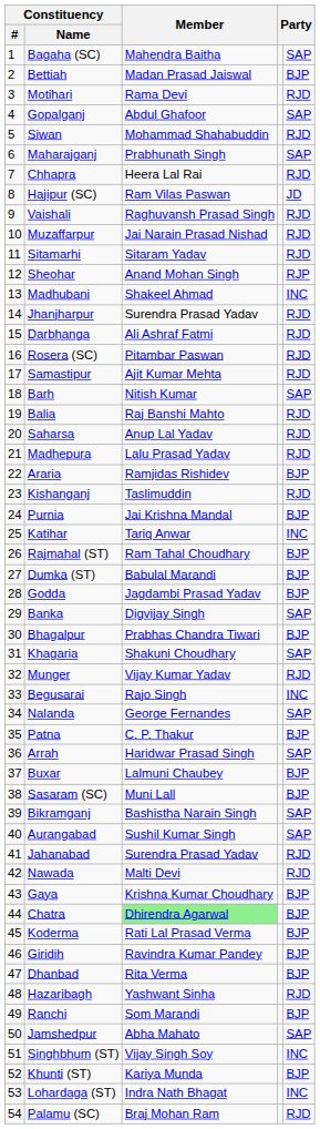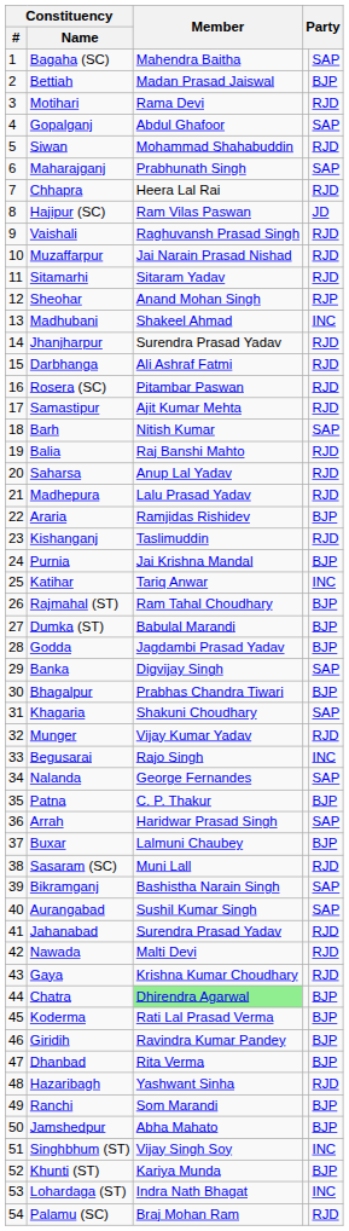 <table class="wikitable sortable">
 <tr>
 <th colspan="2">Constituency</th>
 <th rowspan="2">Member</th>
 <th colspan="2" rowspan="2">Party</th>
 </tr>
 <tr>
 <th>#</th>
 <th>Name</th>
 </tr>
 <tr>
 <td>1</td>
 <td><a href='#'>Bagaha</a> (SC)</td>
 <td><a href='#'>Mahendra Baitha</a></td>
 <td style="background-color: "></td>
 <td><a href='#'>SAP</a></td>
 </tr>
 <tr>
 <td>2</td>
 <td><a href='#'>Bettiah</a></td>
 <td><a href='#'>Madan Prasad Jaiswal</a></td>
 <td style="background-color: "></td>
 <td><a href='#'>BJP</a></td>
 </tr>
 <tr>
 <td>3</td>
 <td><a href='#'>Motihari</a></td>
 <td><a href='#'>Rama Devi</a></td>
 <td style="background-color: "></td>
 <td><a href='#'>RJD</a></td>
 </tr>
 <tr>
 <td>4</td>
 <td><a href='#'>Gopalganj</a></td>
 <td><a href='#'>Abdul Ghafoor</a></td>
 <td style="background-color: "></td>
 <td><a href='#'>SAP</a></td>
 </tr>
 <tr>
 <td>5</td>
 <td><a href='#'>Siwan</a></td>
 <td><a href='#'>Mohammad Shahabuddin</a></td>
 <td style="background-color: "></td>
 <td><a href='#'>RJD</a></td>
 </tr>
 <tr>
 <td>6</td>
 <td><a href='#'>Maharajganj</a></td>
 <td><a href='#'>Prabhunath Singh</a></td>
 <td style="background-color: "></td>
 <td><a href='#'>SAP</a></td>
 </tr>
 <tr>
 <td>7</td>
 <td><a href='#'>Chhapra</a></td>
 <td>Heera Lal Rai</td>
 <td style="background-color: "></td>
 <td><a href='#'>RJD</a></td>
 </tr>
 <tr>
 <td>8</td>
 <td><a href='#'>Hajipur</a> (SC)</td>
 <td><a href='#'>Ram Vilas Paswan</a></td>
 <td style="background-color: "></td>
 <td><a href='#'>JD</a></td>
 </tr>
 <tr>
 <td>9</td>
 <td><a href='#'>Vaishali</a></td>
 <td><a href='#'>Raghuvansh Prasad Singh</a></td>
 <td style="background-color: "></td>
 <td><a href='#'>RJD</a></td>
 </tr>
 <tr>
 <td>10</td>
 <td><a href='#'>Muzaffarpur</a></td>
 <td><a href='#'>Jai Narain Prasad Nishad</a></td>
 <td style="background-color: "></td>
 <td><a href='#'>RJD</a></td>
 </tr>
 <tr>
 <td>11</td>
 <td><a href='#'>Sitamarhi</a></td>
 <td><a href='#'>Sitaram Yadav</a></td>
 <td style="background-color: "></td>
 <td><a href='#'>RJD</a></td>
 </tr>
 <tr>
 <td>12</td>
 <td><a href='#'>Sheohar</a></td>
 <td><a href='#'>Anand Mohan Singh</a></td>
 <td style="background-color: "></td>
 <td><a href='#'>RJP</a></td>
 </tr>
 <tr>
 <td>13</td>
 <td><a href='#'>Madhubani</a></td>
 <td><a href='#'>Shakeel Ahmad</a></td>
 <td style="background-color: "></td>
 <td><a href='#'>INC</a></td>
 </tr>
 <tr>
 <td>14</td>
 <td><a href='#'>Jhanjharpur</a></td>
 <td>Surendra Prasad Yadav</td>
 <td style="background-color: "></td>
 <td><a href='#'>RJD</a></td>
 </tr>
 <tr>
 <td>15</td>
 <td><a href='#'>Darbhanga</a></td>
 <td><a href='#'>Ali Ashraf Fatmi</a></td>
 <td style="background-color: "></td>
 <td><a href='#'>RJD</a></td>
 </tr>
 <tr>
 <td>16</td>
 <td><a href='#'>Rosera</a> (SC)</td>
 <td><a href='#'>Pitambar Paswan</a></td>
 <td style="background-color: "></td>
 <td><a href='#'>RJD</a></td>
 </tr>
 <tr>
 <td>17</td>
 <td><a href='#'>Samastipur</a></td>
 <td><a href='#'>Ajit Kumar Mehta</a></td>
 <td style="background-color: "></td>
 <td><a href='#'>RJD</a></td>
 </tr>
 <tr>
 <td>18</td>
 <td><a href='#'>Barh</a></td>
 <td><a href='#'>Nitish Kumar</a></td>
 <td style="background-color: "></td>
 <td><a href='#'>SAP</a></td>
 </tr>
 <tr>
 <td>19</td>
 <td><a href='#'>Balia</a></td>
 <td><a href='#'>Raj Banshi Mahto</a></td>
 <td style="background-color: "></td>
 <td><a href='#'>RJD</a></td>
 </tr>
 <tr>
 <td>20</td>
 <td><a href='#'>Saharsa</a></td>
 <td><a href='#'>Anup Lal Yadav</a></td>
 <td style="background-color: "></td>
 <td><a href='#'>RJD</a></td>
 </tr>
 <tr>
 <td>21</td>
 <td><a href='#'>Madhepura</a></td>
 <td><a href='#'>Lalu Prasad Yadav</a></td>
 <td style="background-color: "></td>
 <td><a href='#'>RJD</a></td>
 </tr>
 <tr>
 <td>22</td>
 <td><a href='#'>Araria</a></td>
 <td><a href='#'>Ramjidas Rishidev</a></td>
 <td style="background-color: "></td>
 <td><a href='#'>BJP</a></td>
 </tr>
 <tr>
 <td>23</td>
 <td><a href='#'>Kishanganj</a></td>
 <td><a href='#'>Taslimuddin</a></td>
 <td style="background-color: "></td>
 <td><a href='#'>RJD</a></td>
 </tr>
 <tr>
 <td>24</td>
 <td><a href='#'>Purnia</a></td>
 <td><a href='#'>Jai Krishna Mandal</a></td>
 <td style="background-color: "></td>
 <td><a href='#'>BJP</a></td>
 </tr>
 <tr>
 <td>25</td>
 <td><a href='#'>Katihar</a></td>
 <td><a href='#'>Tariq Anwar</a></td>
 <td style="background-color: "></td>
 <td><a href='#'>INC</a></td>
 </tr>
 <tr>
 <td>26</td>
 <td><a href='#'>Rajmahal</a> (ST)</td>
 <td><a href='#'>Ram Tahal Choudhary</a></td>
 <td style="background-color: "></td>
 <td><a href='#'>BJP</a></td>
 </tr>
 <tr>
 <td>27</td>
 <td><a href='#'>Dumka</a> (ST)</td>
 <td><a href='#'>Babulal Marandi</a></td>
 <td style="background-color: "></td>
 <td><a href='#'>BJP</a></td>
 </tr>
 <tr>
 <td>28</td>
 <td><a href='#'>Godda</a></td>
 <td><a href='#'>Jagdambi Prasad Yadav</a></td>
 <td style="background-color: "></td>
 <td><a href='#'>BJP</a></td>
 </tr>
 <tr>
 <td>29</td>
 <td><a href='#'>Banka</a></td>
 <td><a href='#'>Digvijay Singh</a></td>
 <td style="background-color: "></td>
 <td><a href='#'>SAP</a></td>
 </tr>
 <tr>
 <td>30</td>
 <td><a href='#'>Bhagalpur</a></td>
 <td><a href='#'>Prabhas Chandra Tiwari</a></td>
 <td style="background-color: "></td>
 <td><a href='#'>BJP</a></td>
 </tr>
 <tr>
 <td>31</td>
 <td><a href='#'>Khagaria</a></td>
 <td><a href='#'>Shakuni Choudhary</a></td>
 <td style="background-color: "></td>
 <td><a href='#'>SAP</a></td>
 </tr>
 <tr>
 <td>32</td>
 <td><a href='#'>Munger</a></td>
 <td><a href='#'>Vijay Kumar Yadav</a></td>
 <td style="background-color: "></td>
 <td><a href='#'>RJD</a></td>
 </tr>
 <tr>
 <td>33</td>
 <td><a href='#'>Begusarai</a></td>
 <td><a href='#'>Rajo Singh</a></td>
 <td style="background-color: "></td>
 <td><a href='#'>INC</a></td>
 </tr>
 <tr>
 <td>34</td>
 <td><a href='#'>Nalanda</a></td>
 <td><a href='#'>George Fernandes</a></td>
 <td style="background-color: "></td>
 <td><a href='#'>SAP</a></td>
 </tr>
 <tr>
 <td>35</td>
 <td><a href='#'>Patna</a></td>
 <td><a href='#'>C. P. Thakur</a></td>
 <td style="background-color: "></td>
 <td><a href='#'>BJP</a></td>
 </tr>
 <tr>
 <td>36</td>
 <td><a href='#'>Arrah</a></td>
 <td><a href='#'>Haridwar Prasad Singh</a></td>
 <td style="background-color: "></td>
 <td><a href='#'>SAP</a></td>
 </tr>
 <tr>
 <td>37</td>
 <td><a href='#'>Buxar</a></td>
 <td><a href='#'>Lalmuni Chaubey</a></td>
 <td style="background-color: "></td>
 <td><a href='#'>BJP</a></td>
 </tr>
 <tr>
 <td>38</td>
 <td><a href='#'>Sasaram</a> (SC)</td>
 <td><a href='#'>Muni Lall</a></td>
 <td style="background-color: "></td>
-<td><a href='#'>BJP</a></td>
+<td><a href='#'>RJD</a></td>
 </tr>
 <tr>
 <td>39</td>
 <td><a href='#'>Bikramganj</a></td>
 <td><a href='#'>Bashistha Narain Singh</a></td>
 <td style="background-color: "></td>
 <td><a href='#'>SAP</a></td>
 </tr>
 <tr>
 <td>40</td>
 <td><a href='#'>Aurangabad</a></td>
 <td><a href='#'>Sushil Kumar Singh</a></td>
 <td style="background-color: "></td>
 <td><a href='#'>SAP</a></td>
 </tr>
 <tr>
 <td>41</td>
 <td><a href='#'>Jahanabad</a></td>
 <td><a href='#'>Surendra Prasad Yadav</a></td>
 <td style="background-color: "></td>
 <td><a href='#'>RJD</a></td>
 </tr>
 <tr>
 <td>42</td>
 <td><a href='#'>Nawada</a></td>
 <td><a href='#'>Malti Devi</a></td>
 <td style="background-color: "></td>
 <td><a href='#'>RJD</a></td>
 </tr>
 <tr>
 <td>43</td>
 <td><a href='#'>Gaya</a></td>
 <td><a href='#'>Krishna Kumar Choudhary</a></td>
 <td style="background-color: "></td>
-<td><a href='#'>BJP</a></td>
+<td><a href='#'>RJD</a></td>
 </tr>
 <tr>
 <td>44</td>
 <td><a href='#'>Chatra</a></td>
 <td style="background: lightgreen;"><a href='#'>Dhirendra Agarwal</a></td>
 <td style="background-color: "></td>
 <td><a href='#'>BJP</a></td>
 </tr>
 <tr>
 <td>45</td>
 <td><a href='#'>Koderma</a></td>
 <td><a href='#'>Rati Lal Prasad Verma</a></td>
 <td style="background-color: "></td>
 <td><a href='#'>BJP</a></td>
 </tr>
 <tr>
 <td>46</td>
 <td><a href='#'>Giridih</a></td>
 <td><a href='#'>Ravindra Kumar Pandey</a></td>
 <td style="background-color: "></td>
 <td><a href='#'>BJP</a></td>
 </tr>
 <tr>
 <td>47</td>
 <td><a href='#'>Dhanbad</a></td>
 <td><a href='#'>Rita Verma</a></td>
 <td style="background-color: "></td>
 <td><a href='#'>BJP</a></td>
 </tr>
 <tr>
 <td>48</td>
 <td><a href='#'>Hazaribagh</a></td>
 <td><a href='#'>Yashwant Sinha</a></td>
 <td style="background-color: "></td>
 <td><a href='#'>RJD</a></td>
 </tr>
 <tr>
 <td>49</td>
 <td><a href='#'>Ranchi</a></td>
 <td><a href='#'>Som Marandi</a></td>
 <td style="background-color: "></td>
 <td><a href='#'>BJP</a></td>
 </tr>
 <tr>
 <td>50</td>
 <td><a href='#'>Jamshedpur</a></td>
 <td><a href='#'>Abha Mahato</a></td>
 <td style="background-color: "></td>
-<td><a href='#'>SAP</a></td>
+<td><a href='#'>BJP</a></td>
 </tr>
 <tr>
 <td>51</td>
 <td><a href='#'>Singhbhum</a> (ST)</td>
 <td><a href='#'>Vijay Singh Soy</a></td>
 <td style="background-color: "></td>
 <td><a href='#'>INC</a></td>
 </tr>
 <tr>
 <td>52</td>
 <td><a href='#'>Khunti</a> (ST)</td>
 <td><a href='#'>Kariya Munda</a></td>
 <td style="background-color: "></td>
 <td><a href='#'>BJP</a></td>
 </tr>
 <tr>
 <td>53</td>
 <td><a href='#'>Lohardaga</a> (ST)</td>
 <td><a href='#'>Indra Nath Bhagat</a></td>
 <td style="background-color: "></td>
 <td><a href='#'>INC</a></td>
 </tr>
 <tr>
 <td>54</td>
 <td><a href='#'>Palamu</a> (SC)</td>
 <td><a href='#'>Braj Mohan Ram</a></td>
 <td style="background-color: "></td>
 <td><a href='#'>RJD</a></td>
 </tr>
 </table>
